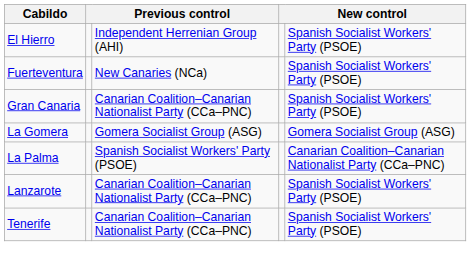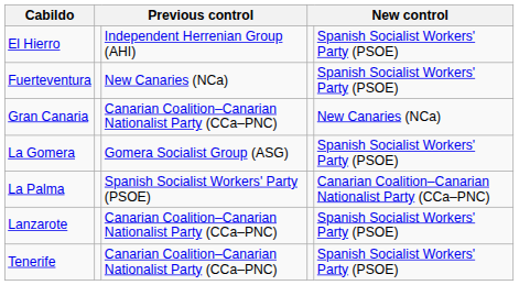 <table class="wikitable sortable">
 <tr>
 <th>Cabildo</th>
 <th colspan="2" style="width:375px;">Previous control</th>
 <th colspan="2" style="width:375px;">New control</th>
 </tr>
 <tr>
 <td><a href='#'>El Hierro</a></td>
 <td width="1" style="color:inherit;background:"></td>
 <td><a href='#'>Independent Herrenian Group</a> (AHI)</td>
 <td width="1" style="color:inherit;background:"></td>
 <td><a href='#'>Spanish Socialist Workers' Party</a> (PSOE)</td>
 </tr>
 <tr>
 <td><a href='#'>Fuerteventura</a></td>
 <td style="color:inherit;background:"></td>
 <td><a href='#'>New Canaries</a> (NCa)</td>
 <td style="color:inherit;background:"></td>
 <td><a href='#'>Spanish Socialist Workers' Party</a> (PSOE) </td>
 </tr>
 <tr>
 <td><a href='#'>Gran Canaria</a></td>
 <td style="color:inherit;background:"></td>
 <td><a href='#'>Canarian Coalition–Canarian Nationalist Party</a> (CCa–PNC)</td>
 <td style="color:inherit;background:"></td>
-<td><a href='#'>Spanish Socialist Workers' Party</a> (PSOE)</td>
+<td><a href='#'>New Canaries</a> (NCa)</td>
 </tr>
 <tr>
 <td><a href='#'>La Gomera</a></td>
 <td style="color:inherit;background:"></td>
 <td><a href='#'>Gomera Socialist Group</a> (ASG)</td>
 <td style="color:inherit;background:"></td>
-<td><a href='#'>Gomera Socialist Group</a> (ASG)</td>
+<td><a href='#'>Spanish Socialist Workers' Party</a> (PSOE) </td>
 </tr>
 <tr>
 <td><a href='#'>La Palma</a></td>
 <td style="color:inherit;background:"></td>
 <td><a href='#'>Spanish Socialist Workers' Party</a> (PSOE)</td>
 <td style="color:inherit;background:"></td>
 <td><a href='#'>Canarian Coalition–Canarian Nationalist Party</a> (CCa–PNC) </td>
 </tr>
 <tr>
 <td><a href='#'>Lanzarote</a></td>
 <td style="color:inherit;background:"></td>
 <td><a href='#'>Canarian Coalition–Canarian Nationalist Party</a> (CCa–PNC)</td>
 <td style="color:inherit;background:"></td>
 <td><a href='#'>Spanish Socialist Workers' Party</a> (PSOE)</td>
 </tr>
 <tr>
 <td><a href='#'>Tenerife</a></td>
 <td style="color:inherit;background:"></td>
 <td><a href='#'>Canarian Coalition–Canarian Nationalist Party</a> (CCa–PNC)</td>
 <td style="color:inherit;background:"></td>
 <td><a href='#'>Spanish Socialist Workers' Party</a> (PSOE)</td>
 </tr>
 </table>
